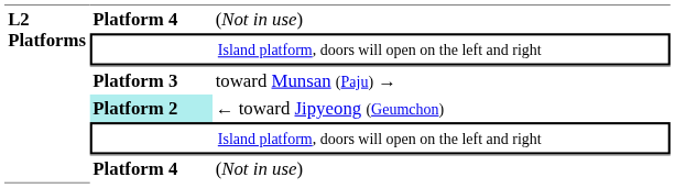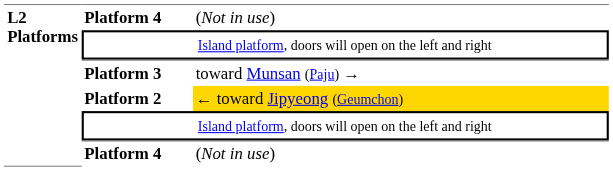 <table table border=0 cellspacing=0 cellpadding=3>
 <tr>
 <td style="border-top:solid 1px gray;border-bottom:solid 1px gray;" width=50 rowspan=10 valign=top><strong>L2<br>Platforms</strong></td>
 <td style="border-bottom:solid 0px gray;border-top:solid 1px gray;" width=100><span><strong>Platform 4</strong></span></td>
 <td style="border-bottom:solid 0px gray;border-top:solid 1px gray;" width=390> (<em>Not in use</em>)</td>
 </tr>
 <tr>
 <td style="border-top:solid 2px black;border-right:solid 2px black;border-left:solid 2px black;border-bottom:solid 2px black;text-align:center;" colspan=2><small><a href='#'>Island platform</a>, doors will open on the left and right</small></td>
 </tr>
 <tr>
 <td style="border-bottom:solid 0px gray;border-top:solid 1px gray;" width=100><span><strong>Platform 3</strong></span></td>
 <td style="border-bottom:solid 0px gray;border-top:solid 1px gray;" width=390>  toward <a href='#'>Munsan</a> <small>(<a href='#'>Paju</a>)</small> →</td>
 </tr>
 <tr>
-<td style="background: paleturquoise;"><span><strong>Platform 2</strong></span></td>
-<td>←  toward <a href='#'>Jipyeong</a> <small>(<a href='#'>Geumchon</a>)</small></td>
+<td><span><strong>Platform 2</strong></span></td>
+<td style="background: gold;">←  toward <a href='#'>Jipyeong</a> <small>(<a href='#'>Geumchon</a>)</small></td>
 </tr>
 <tr>
 <td style="border-top:solid 2px black;border-right:solid 2px black;border-left:solid 2px black;border-bottom:solid 2px black;text-align:center;" colspan=2><small><a href='#'>Island platform</a>, doors will open on the left and right</small></td>
 </tr>
 <tr>
 <td style="border-bottom:solid 0px gray;border-top:solid 1px gray;" width=100><span><strong>Platform 4</strong></span></td>
 <td style="border-bottom:solid 0px gray;border-top:solid 1px gray;" width=390> (<em>Not in use</em>)</td>
 </tr>
 </table>
